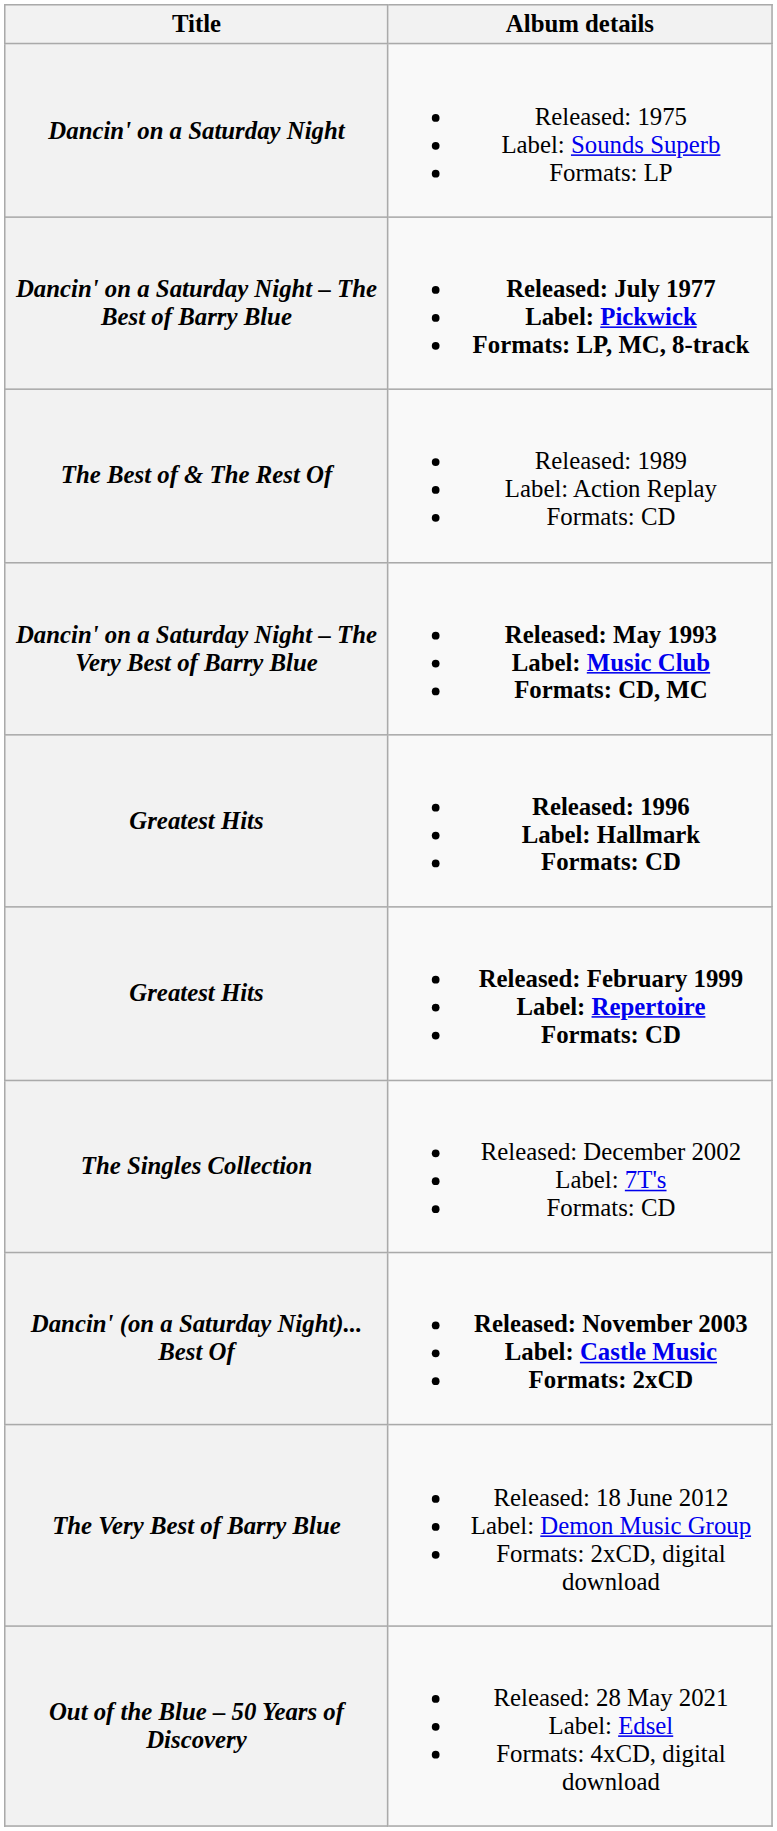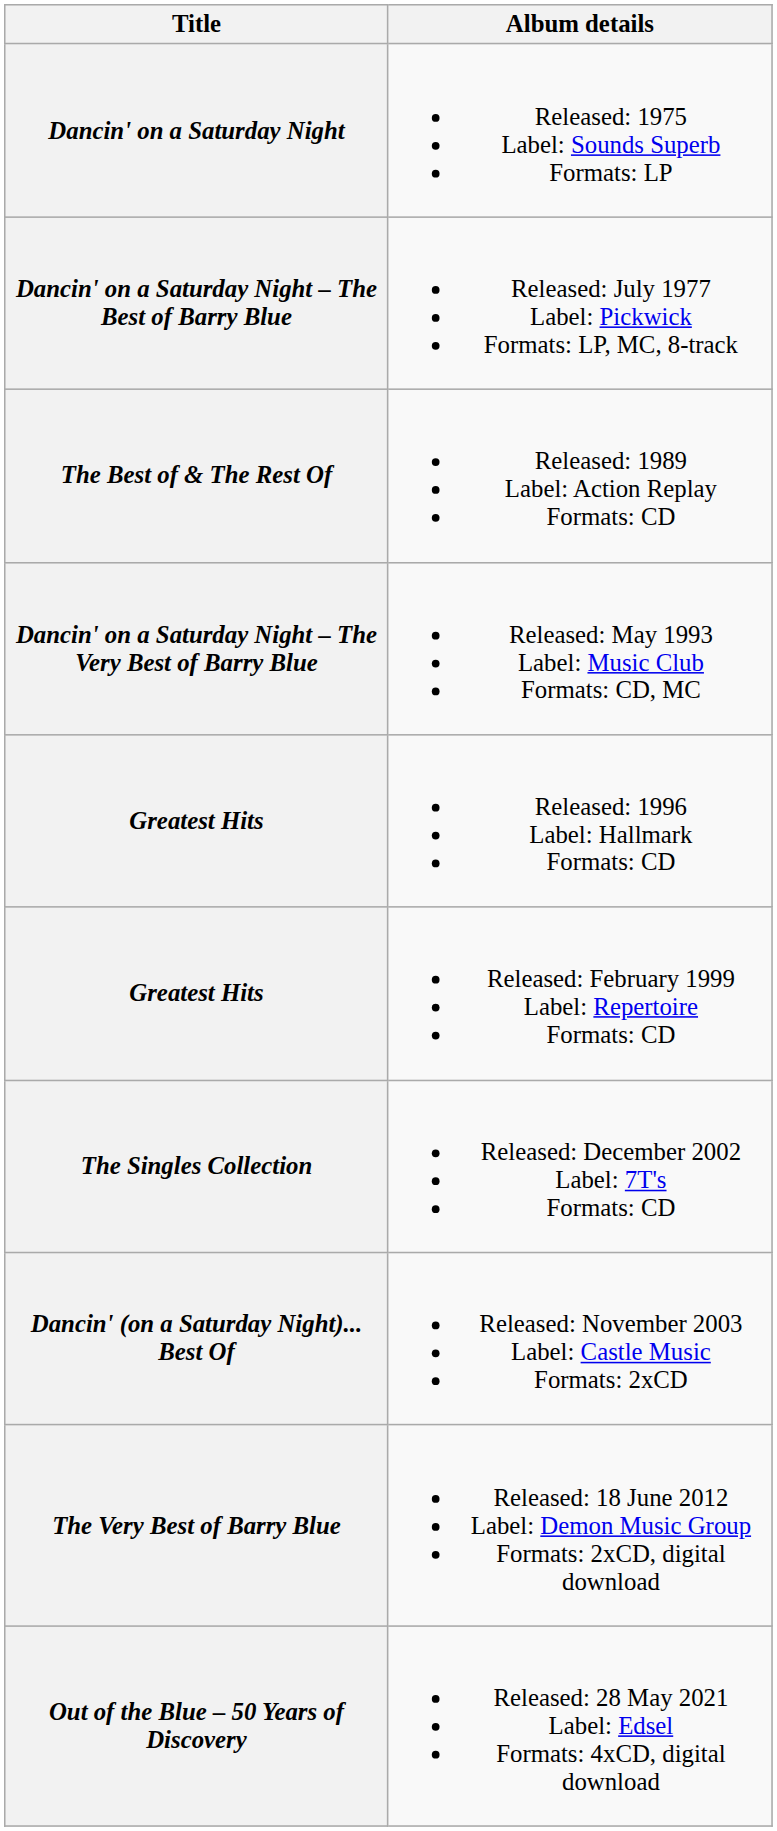 <table class="wikitable plainrowheaders" style="text-align:center;">
 <tr>
 <th scope="col" style="width:15em;">Title</th>
 <th scope="col" style="width:15em;">Album details</th>
 </tr>
 <tr>
 <th scope="row"><em>Dancin' on a Saturday Night</em></th>
 <td><br><ul><li>Released: 1975</li><li>Label: <a href='#'>Sounds Superb</a></li><li>Formats: LP</li></ul></td>
 </tr>
 <tr>
 <th scope="row"><em>Dancin' on a Saturday Night – The Best of Barry Blue</em></th>
-<td><strong><br><ul><li>Released: July 1977</li><li>Label: <a href='#'>Pickwick</a></li><li>Formats: LP, MC, 8-track</li></ul></strong></td>
+<td><br><ul><li>Released: July 1977</li><li>Label: <a href='#'>Pickwick</a></li><li>Formats: LP, MC, 8-track</li></ul></td>
 </tr>
 <tr>
 <th scope="row"><em>The Best of & The Rest Of</em></th>
 <td><br><ul><li>Released: 1989</li><li>Label: Action Replay</li><li>Formats: CD</li></ul></td>
 </tr>
 <tr>
 <th scope="row"><em>Dancin' on a Saturday Night – The Very Best of Barry Blue</em></th>
-<td><strong><br><ul><li>Released: May 1993</li><li>Label: <a href='#'>Music Club</a></li><li>Formats: CD, MC</li></ul></strong></td>
+<td><br><ul><li>Released: May 1993</li><li>Label: <a href='#'>Music Club</a></li><li>Formats: CD, MC</li></ul></td>
 </tr>
 <tr>
 <th scope="row"><em>Greatest Hits</em></th>
-<td><strong><br><ul><li>Released: 1996</li><li>Label: Hallmark</li><li>Formats: CD</li></ul></strong></td>
+<td><br><ul><li>Released: 1996</li><li>Label: Hallmark</li><li>Formats: CD</li></ul></td>
 </tr>
 <tr>
 <th scope="row"><em>Greatest Hits</em></th>
-<td><strong><br><ul><li>Released: February 1999</li><li>Label: <a href='#'>Repertoire</a></li><li>Formats: CD</li></ul></strong></td>
+<td><br><ul><li>Released: February 1999</li><li>Label: <a href='#'>Repertoire</a></li><li>Formats: CD</li></ul></td>
 </tr>
 <tr>
 <th scope="row"><em>The Singles Collection</em></th>
 <td><br><ul><li>Released: December 2002</li><li>Label: <a href='#'>7T's</a></li><li>Formats: CD</li></ul></td>
 </tr>
 <tr>
 <th scope="row"><em>Dancin' (on a Saturday Night)... Best Of</em></th>
-<td><strong><br><ul><li>Released: November 2003</li><li>Label: <a href='#'>Castle Music</a></li><li>Formats: 2xCD</li></ul></strong></td>
+<td><br><ul><li>Released: November 2003</li><li>Label: <a href='#'>Castle Music</a></li><li>Formats: 2xCD</li></ul></td>
 </tr>
 <tr>
 <th scope="row"><em>The Very Best of Barry Blue</em></th>
 <td><br><ul><li>Released: 18 June 2012</li><li>Label: <a href='#'>Demon Music Group</a></li><li>Formats: 2xCD, digital download</li></ul></td>
 </tr>
 <tr>
 <th scope="row"><em>Out of the Blue – 50 Years of Discovery</em></th>
 <td><br><ul><li>Released: 28 May 2021</li><li>Label: <a href='#'>Edsel</a></li><li>Formats: 4xCD, digital download</li></ul></td>
 </tr>
 </table>
